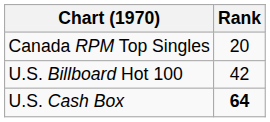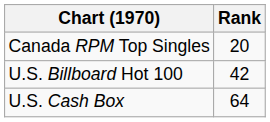 <table class="wikitable">
 <tr>
 <th align="left">Chart (1970)</th>
 <th style="text-align:center;">Rank</th>
 </tr>
 <tr>
 <td>Canada <em>RPM</em> Top Singles</td>
 <td style="text-align:center;">20</td>
 </tr>
 <tr>
 <td>U.S. <em>Billboard</em> Hot 100</td>
 <td style="text-align:center;">42</td>
 </tr>
 <tr>
 <td>U.S. <em>Cash Box</em></td>
-<td style="text-align:center;"><strong>64</strong></td>
+<td style="text-align:center;">64</td>
 </tr>
 </table>
